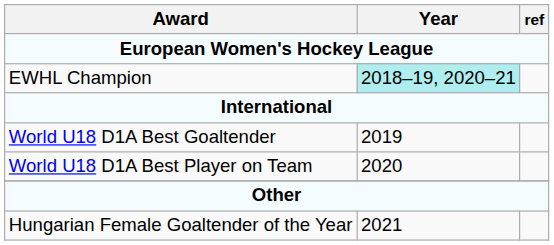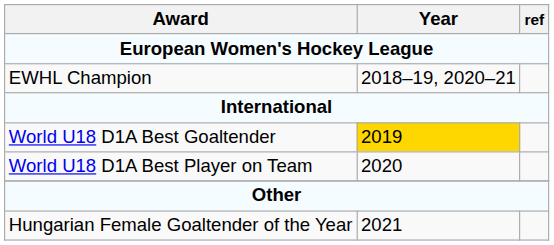 <table class="wikitable">
 <tr>
 <th scope="col">Award</th>
 <th scope="col">Year</th>
 <th scope="col"><small>ref</small></th>
 </tr>
 <tr>
 <th style="text-align:center; background:#F5FCFF;" colspan="3">European Women's Hockey League</th>
 </tr>
 <tr>
 <td>EWHL Champion</td>
-<td style="background: paleturquoise;">2018–19, 2020–21</td>
+<td>2018–19, 2020–21</td>
 <td></td>
 </tr>
 <tr>
 <th colspan="3" style="text-align:center; background:#F5FCFF;">International</th>
 </tr>
 <tr>
 <td><a href='#'>World U18</a> D1A Best Goaltender</td>
-<td>2019</td>
+<td style="background: gold;">2019</td>
 <td></td>
 </tr>
 <tr>
 <td><a href='#'>World U18</a> D1A Best Player on Team</td>
 <td>2020</td>
 <td></td>
 </tr>
 <tr>
 </tr>
 <tr>
 <th colspan="3" style="text-align:center; background:#F5FCFF;">Other</th>
 </tr>
 <tr>
 <td>Hungarian Female Goaltender of the Year</td>
 <td>2021</td>
 <td></td>
 </tr>
 </table>
